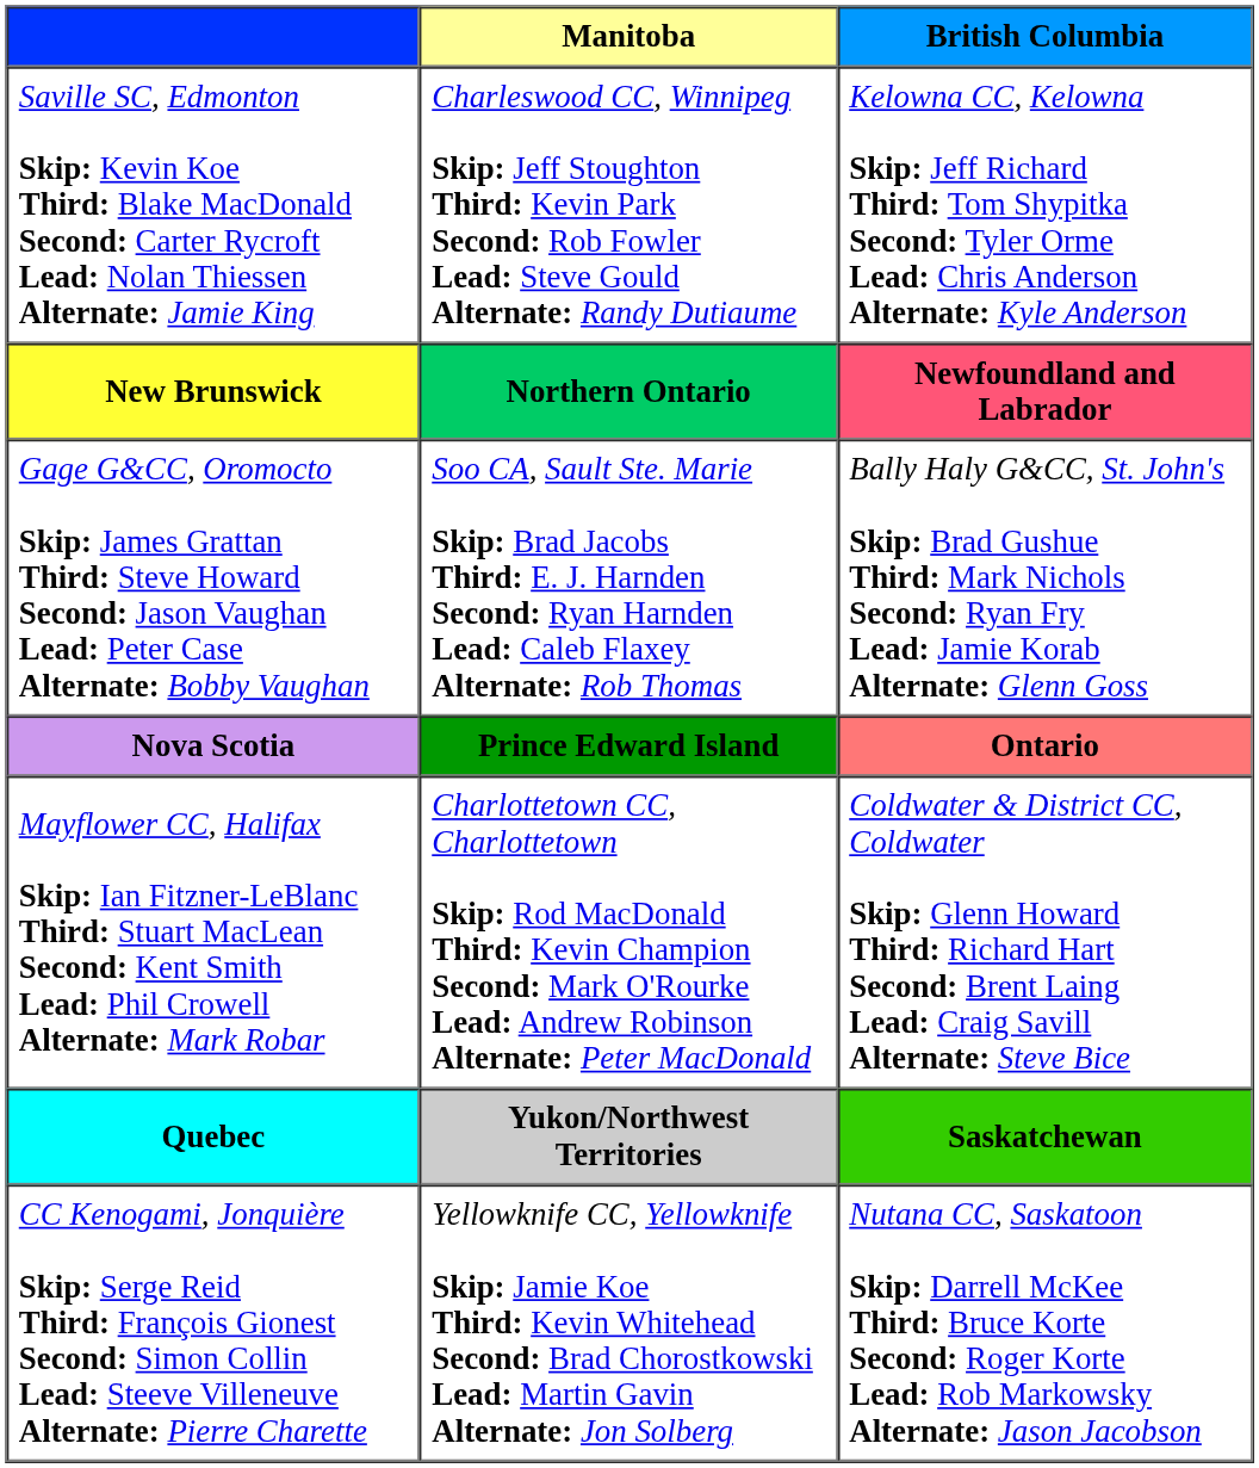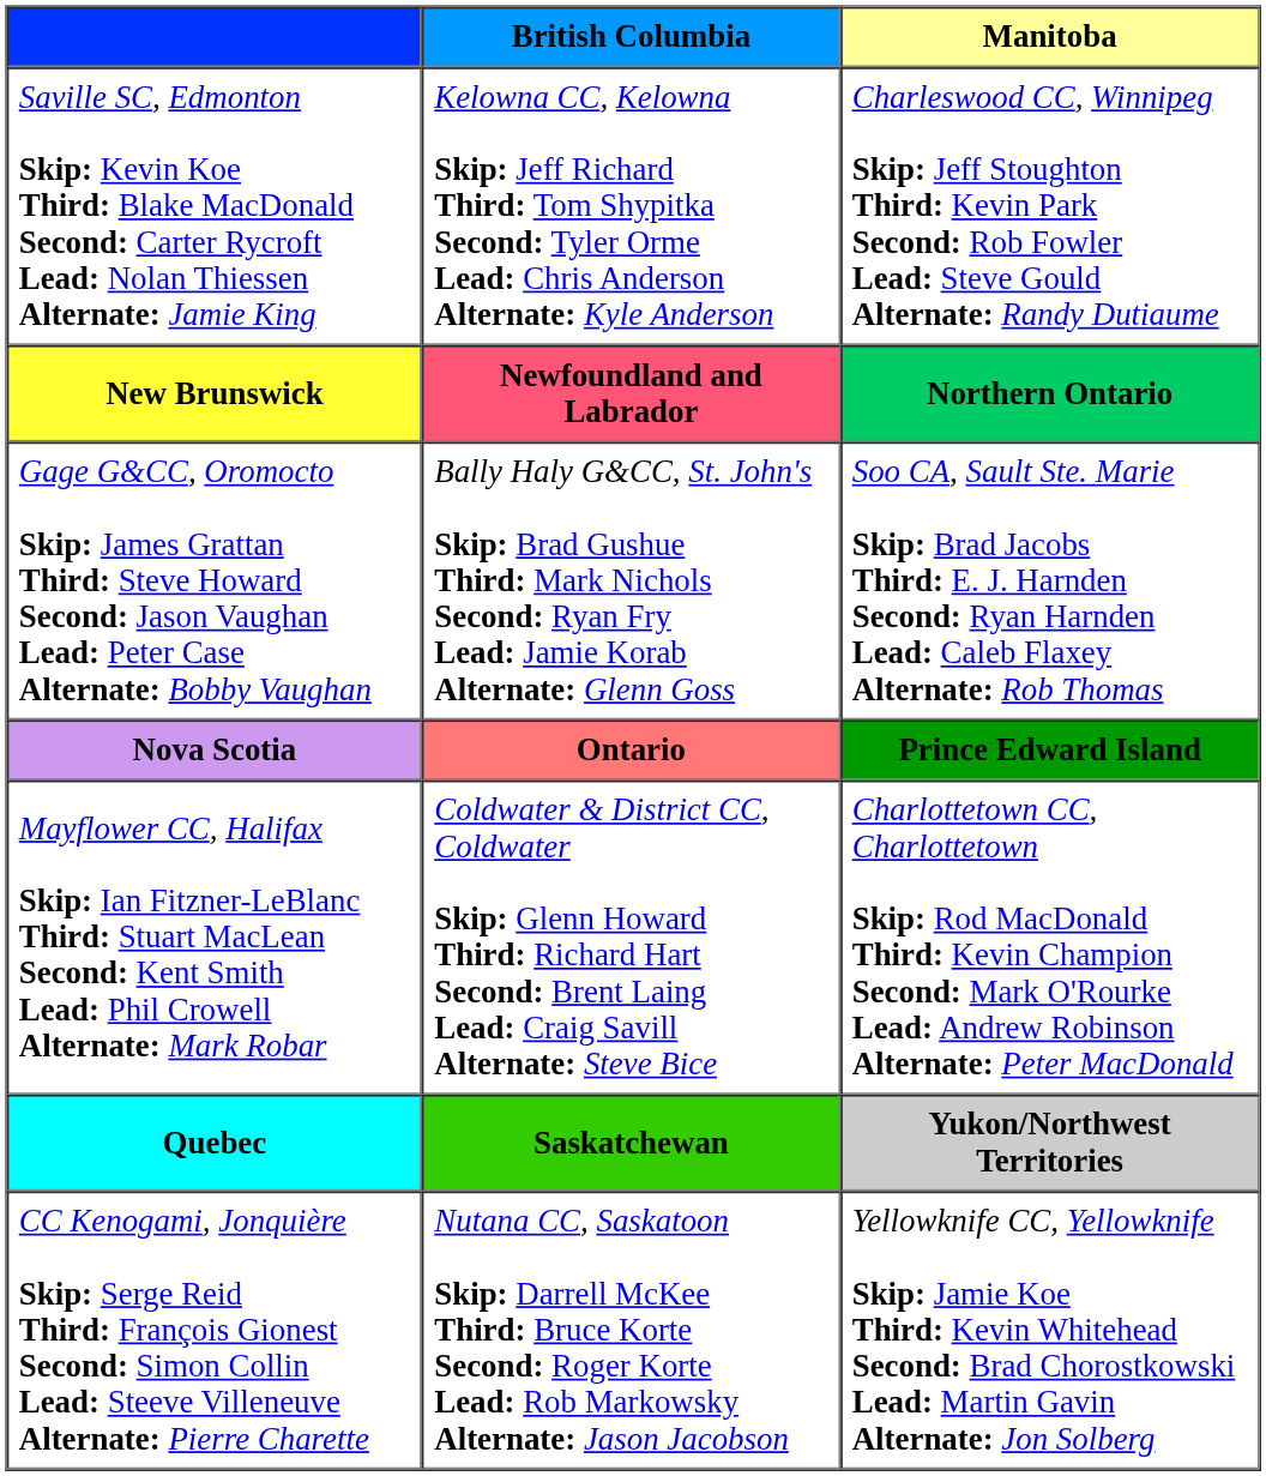 <table border=1 cellpadding=5 cellspacing=0>
 <tr>
 <th bgcolor="#0033ff" width="200"></th>
+<th bgcolor="#0099ff" width="200">British Columbia</th>
 <th bgcolor="#ffff99" width="200">Manitoba</th>
-<th bgcolor="#0099ff" width="200">British Columbia</th>
 </tr>
 <tr align=center>
 <td align=left><em><a href='#'>Saville SC</a>, <a href='#'>Edmonton</a></em><br><br><strong>Skip:</strong> <a href='#'>Kevin Koe</a> <br> <strong>Third:</strong> <a href='#'>Blake MacDonald</a> <br> <strong>Second:</strong> <a href='#'>Carter Rycroft</a> <br> <strong>Lead:</strong> <a href='#'>Nolan Thiessen</a> <br> <strong>Alternate:</strong> <em><a href='#'>Jamie King</a></em></td>
+<td align=left><em><a href='#'>Kelowna CC</a>, <a href='#'>Kelowna</a></em><br><br><strong>Skip:</strong> <a href='#'>Jeff Richard</a> <br> <strong>Third:</strong> <a href='#'>Tom Shypitka</a> <br> <strong>Second:</strong> <a href='#'>Tyler Orme</a> <br> <strong>Lead:</strong> <a href='#'>Chris Anderson</a> <br> <strong>Alternate:</strong> <em><a href='#'>Kyle Anderson</a></em></td>
 <td align=left><em><a href='#'>Charleswood CC</a>, <a href='#'>Winnipeg</a></em> <br><br><strong>Skip:</strong> <a href='#'>Jeff Stoughton</a><br> <strong>Third:</strong> <a href='#'>Kevin Park</a><br> <strong>Second:</strong> <a href='#'>Rob Fowler</a><br> <strong>Lead:</strong> <a href='#'>Steve Gould</a><br> <strong>Alternate:</strong> <em><a href='#'>Randy Dutiaume</a></em></td>
-<td align=left><em><a href='#'>Kelowna CC</a>, <a href='#'>Kelowna</a></em><br><br><strong>Skip:</strong> <a href='#'>Jeff Richard</a> <br> <strong>Third:</strong> <a href='#'>Tom Shypitka</a> <br> <strong>Second:</strong> <a href='#'>Tyler Orme</a> <br> <strong>Lead:</strong> <a href='#'>Chris Anderson</a> <br> <strong>Alternate:</strong> <em><a href='#'>Kyle Anderson</a></em></td>
 </tr>
 <tr border=1 cellpadding=5 cellspacing=0>
 <th bgcolor="#ffff33" width="200">New Brunswick</th>
+<th bgcolor="#ff5577" width="200">Newfoundland and Labrador</th>
 <th bgcolor="#00CC66" width="200">Northern Ontario</th>
-<th bgcolor="#ff5577" width="200">Newfoundland and Labrador</th>
 </tr>
 <tr align=center>
 <td align=left><em><a href='#'>Gage G&CC</a>, <a href='#'>Oromocto</a></em> <br><br><strong>Skip:</strong> <a href='#'>James Grattan</a> <br> <strong>Third:</strong> <a href='#'>Steve Howard</a> <br> <strong>Second:</strong> <a href='#'>Jason Vaughan</a> <br> <strong>Lead:</strong> <a href='#'>Peter Case</a> <br> <strong>Alternate:</strong> <em><a href='#'>Bobby Vaughan</a></em></td>
+<td align=left><em>Bally Haly G&CC, <a href='#'>St. John's</a></em> <br><br><strong>Skip:</strong> <a href='#'>Brad Gushue</a> <br> <strong>Third:</strong> <a href='#'>Mark Nichols</a> <br> <strong>Second:</strong> <a href='#'>Ryan Fry</a> <br> <strong>Lead:</strong> <a href='#'>Jamie Korab</a> <br> <strong>Alternate:</strong> <em><a href='#'>Glenn Goss</a></em></td>
 <td align=left><em><a href='#'>Soo CA</a>, <a href='#'>Sault Ste. Marie</a></em><br><br><strong>Skip:</strong> <a href='#'>Brad Jacobs</a><br> <strong>Third:</strong> <a href='#'>E. J. Harnden</a><br> <strong>Second:</strong> <a href='#'>Ryan Harnden</a><br> <strong>Lead:</strong> <a href='#'>Caleb Flaxey</a><br> <strong>Alternate:</strong> <em><a href='#'>Rob Thomas</a></em></td>
-<td align=left><em>Bally Haly G&CC, <a href='#'>St. John's</a></em> <br><br><strong>Skip:</strong> <a href='#'>Brad Gushue</a> <br> <strong>Third:</strong> <a href='#'>Mark Nichols</a> <br> <strong>Second:</strong> <a href='#'>Ryan Fry</a> <br> <strong>Lead:</strong> <a href='#'>Jamie Korab</a> <br> <strong>Alternate:</strong> <em><a href='#'>Glenn Goss</a></em></td>
 </tr>
 <tr border=1 cellpadding=5 cellspacing=0>
 <th bgcolor="#cc99ee" width="200">Nova Scotia</th>
+<th bgcolor="#ff7777" width="200">Ontario</th>
 <th bgcolor="#009900" width="200">Prince Edward Island</th>
-<th bgcolor="#ff7777" width="200">Ontario</th>
 </tr>
 <tr align=center>
 <td align=left><em><a href='#'>Mayflower CC</a>, <a href='#'>Halifax</a></em><br><br><strong>Skip:</strong> <a href='#'>Ian Fitzner-LeBlanc</a><br> <strong>Third:</strong> <a href='#'>Stuart MacLean</a> <br> <strong>Second:</strong> <a href='#'>Kent Smith</a> <br> <strong>Lead:</strong> <a href='#'>Phil Crowell</a> <br> <strong>Alternate:</strong> <em><a href='#'>Mark Robar</a></em></td>
+<td align=left><em><a href='#'>Coldwater & District CC</a>, <a href='#'>Coldwater</a></em> <br><br><strong>Skip:</strong> <a href='#'>Glenn Howard</a> <br> <strong>Third:</strong> <a href='#'>Richard Hart</a> <br> <strong>Second:</strong> <a href='#'>Brent Laing</a> <br> <strong>Lead:</strong> <a href='#'>Craig Savill</a> <br> <strong>Alternate:</strong> <em><a href='#'>Steve Bice</a></em></td>
 <td align=left><em><a href='#'>Charlottetown CC</a>, <a href='#'>Charlottetown</a></em> <br><br><strong>Skip:</strong> <a href='#'>Rod MacDonald</a> <br> <strong>Third:</strong> <a href='#'>Kevin Champion</a> <br> <strong>Second:</strong> <a href='#'>Mark O'Rourke</a> <br> <strong>Lead:</strong> <a href='#'>Andrew Robinson</a><br> <strong>Alternate:</strong> <em><a href='#'>Peter MacDonald</a></em></td>
-<td align=left><em><a href='#'>Coldwater & District CC</a>, <a href='#'>Coldwater</a></em> <br><br><strong>Skip:</strong> <a href='#'>Glenn Howard</a> <br> <strong>Third:</strong> <a href='#'>Richard Hart</a> <br> <strong>Second:</strong> <a href='#'>Brent Laing</a> <br> <strong>Lead:</strong> <a href='#'>Craig Savill</a> <br> <strong>Alternate:</strong> <em><a href='#'>Steve Bice</a></em></td>
 </tr>
 <tr border=1 cellpadding=5 cellspacing=0>
 <th bgcolor="#00ffff" width="200">Quebec</th>
+<th bgcolor="#33cc00" width="200">Saskatchewan</th>
 <th bgcolor="#cccccc" width="200">Yukon/Northwest Territories</th>
-<th bgcolor="#33cc00" width="200">Saskatchewan</th>
 </tr>
 <tr align=center>
 <td align=left><em><a href='#'>CC Kenogami</a>, <a href='#'>Jonquière</a></em><br><br><strong>Skip:</strong> <a href='#'>Serge Reid</a> <br> <strong>Third:</strong> <a href='#'>François Gionest</a><br> <strong>Second:</strong> <a href='#'>Simon Collin</a><br> <strong>Lead:</strong> <a href='#'>Steeve Villeneuve</a><br> <strong>Alternate:</strong> <em><a href='#'>Pierre Charette</a></em></td>
+<td align=left><em><a href='#'>Nutana CC</a>, <a href='#'>Saskatoon</a></em> <br><br><strong>Skip:</strong> <a href='#'>Darrell McKee</a><br> <strong>Third:</strong> <a href='#'>Bruce Korte</a><br> <strong>Second:</strong> <a href='#'>Roger Korte</a><br> <strong>Lead:</strong> <a href='#'>Rob Markowsky</a><br> <strong>Alternate:</strong> <em><a href='#'>Jason Jacobson</a></em></td>
 <td align=left><em>Yellowknife CC, <a href='#'>Yellowknife</a></em><br><br><strong>Skip:</strong> <a href='#'>Jamie Koe</a><br> <strong>Third:</strong> <a href='#'>Kevin Whitehead</a><br> <strong>Second:</strong> <a href='#'>Brad Chorostkowski</a><br> <strong>Lead:</strong> <a href='#'>Martin Gavin</a><br> <strong>Alternate:</strong> <em><a href='#'>Jon Solberg</a></em></td>
-<td align=left><em><a href='#'>Nutana CC</a>, <a href='#'>Saskatoon</a></em> <br><br><strong>Skip:</strong> <a href='#'>Darrell McKee</a><br> <strong>Third:</strong> <a href='#'>Bruce Korte</a><br> <strong>Second:</strong> <a href='#'>Roger Korte</a><br> <strong>Lead:</strong> <a href='#'>Rob Markowsky</a><br> <strong>Alternate:</strong> <em><a href='#'>Jason Jacobson</a></em></td>
 </tr>
 </table>
